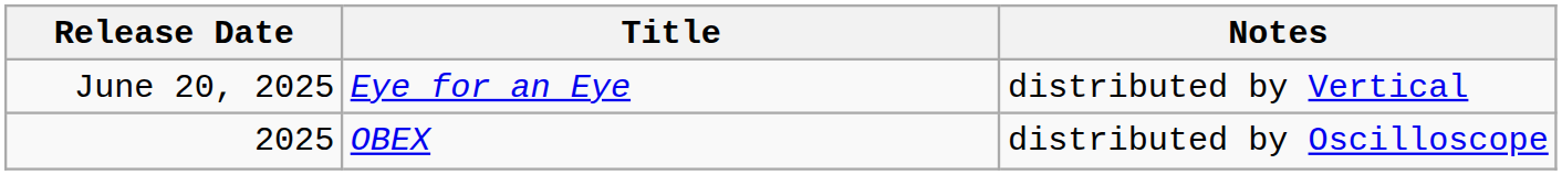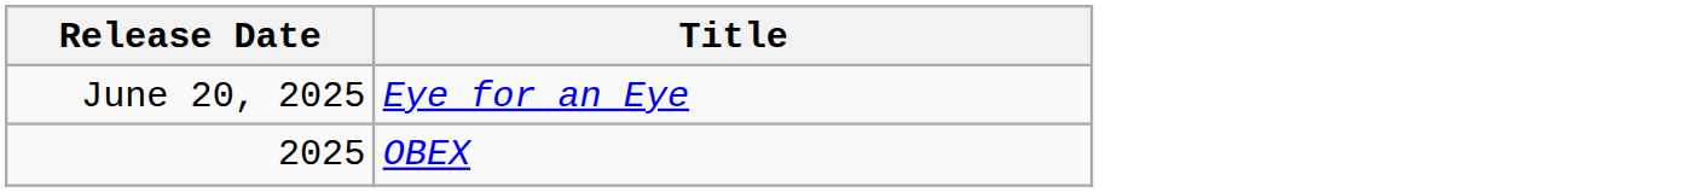 <table class="wikitable sortable">
 <tr>
 <th style="width:125px;">Release Date</th>
 <th style="width:250px;">Title</th>
-<th>Notes</th>
 </tr>
 <tr>
 <td style="text-align:right;">June 20, 2025</td>
 <td><em><a href='#'>Eye for an Eye</a></em></td>
-<td>distributed by <a href='#'>Vertical</a></td>
 </tr>
 <tr>
 <td style="text-align:right;">2025</td>
 <td><em><a href='#'>OBEX</a></em></td>
-<td>distributed by <a href='#'>Oscilloscope</a></td>
 </tr>
 </table>
